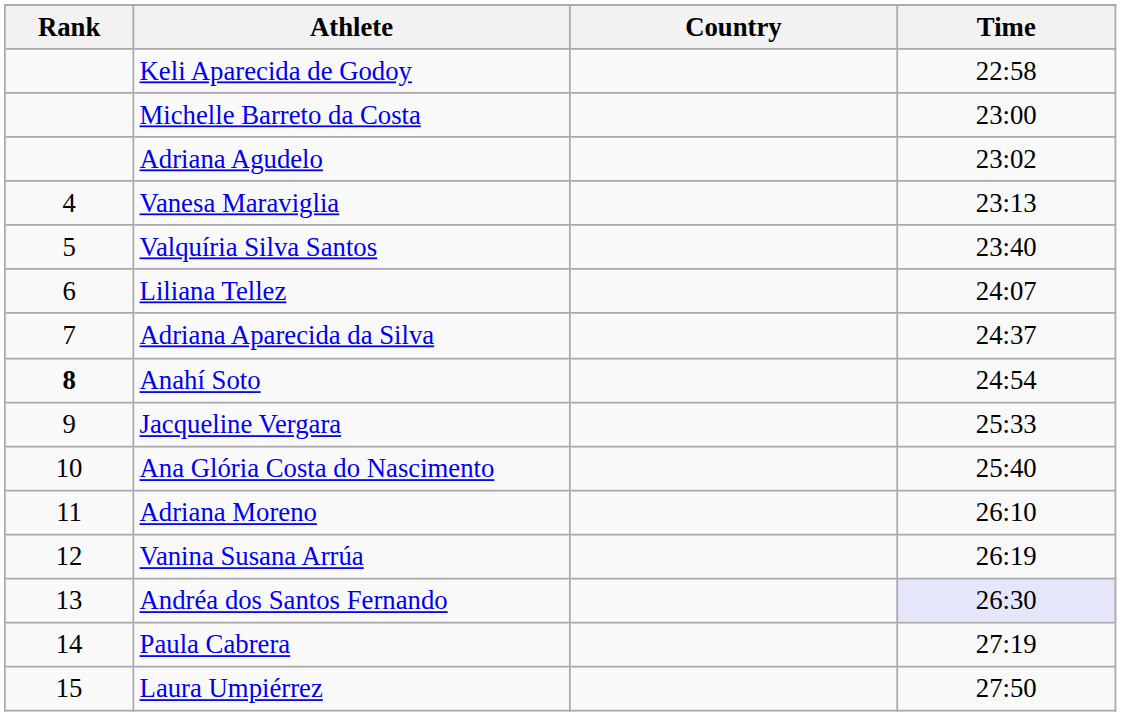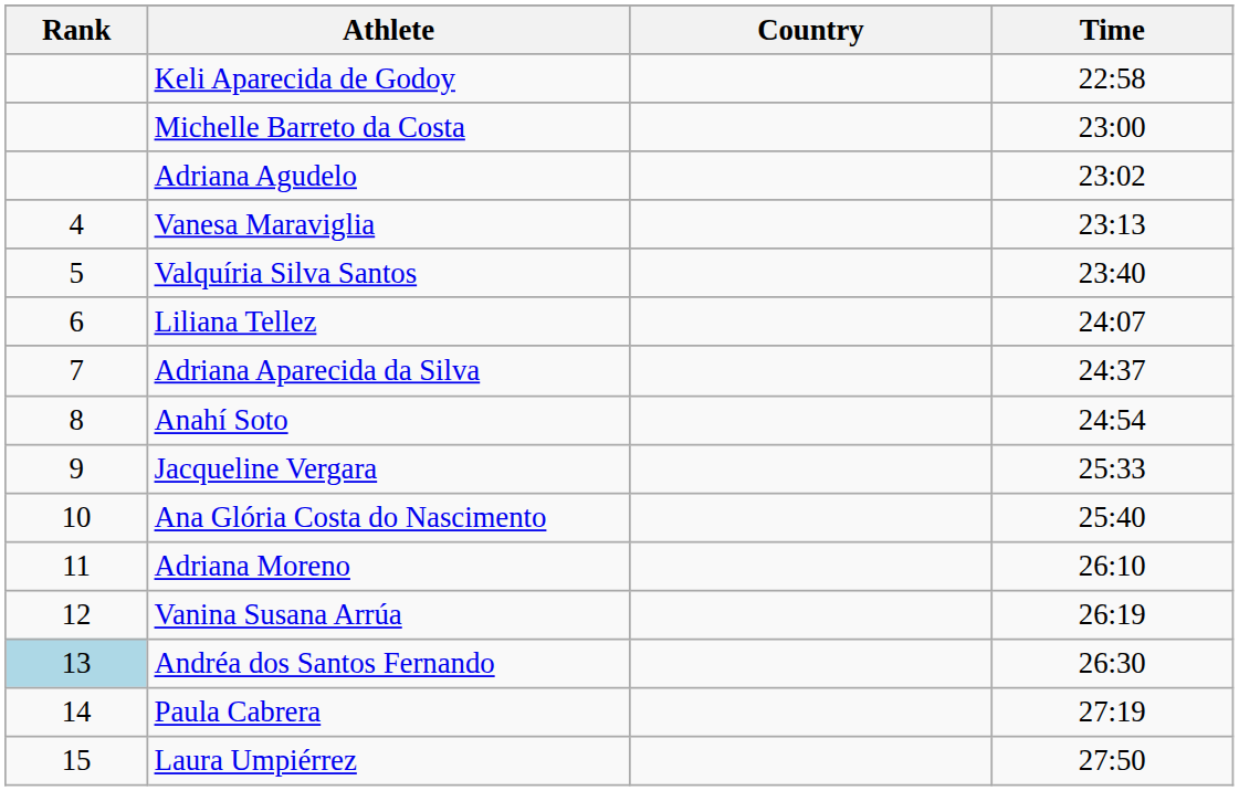 <table class="wikitable sortable" style=" text-align:center; font-size:95%;" width="50%">
 <tr>
 </tr>
 <tr>
 <th width=5%>Rank</th>
 <th width=20%>Athlete</th>
 <th width=15%>Country</th>
 <th width=10%>Time</th>
 </tr>
 <tr>
 <td align=center></td>
 <td align=left><a href='#'>Keli Aparecida de Godoy</a></td>
 <td align=left></td>
 <td>22:58</td>
 </tr>
 <tr>
 <td align=center></td>
 <td align=left><a href='#'>Michelle Barreto da Costa</a></td>
 <td align=left></td>
 <td>23:00</td>
 </tr>
 <tr>
 <td align=center></td>
 <td align=left><a href='#'>Adriana Agudelo</a></td>
 <td align=left></td>
 <td>23:02</td>
 </tr>
 <tr>
 <td align=center>4</td>
 <td align=left><a href='#'>Vanesa Maraviglia</a></td>
 <td align=left></td>
 <td>23:13</td>
 </tr>
 <tr>
 <td align=center>5</td>
 <td align=left><a href='#'>Valquíria Silva Santos</a></td>
 <td align=left></td>
 <td>23:40</td>
 </tr>
 <tr>
 <td align=center>6</td>
 <td align=left><a href='#'>Liliana Tellez</a></td>
 <td align=left></td>
 <td>24:07</td>
 </tr>
 <tr>
 <td align=center>7</td>
 <td align=left><a href='#'>Adriana Aparecida da Silva</a></td>
 <td align=left></td>
 <td>24:37</td>
 </tr>
 <tr>
-<td align=center><strong>8</strong></td>
+<td align=center>8</td>
 <td align=left><a href='#'>Anahí Soto</a></td>
 <td align=left></td>
 <td>24:54</td>
 </tr>
 <tr>
 <td align=center>9</td>
 <td align=left><a href='#'>Jacqueline Vergara</a></td>
 <td align=left></td>
 <td>25:33</td>
 </tr>
 <tr>
 <td align=center>10</td>
 <td align=left><a href='#'>Ana Glória Costa do Nascimento</a></td>
 <td align=left></td>
 <td>25:40</td>
 </tr>
 <tr>
 <td align=center>11</td>
 <td align=left><a href='#'>Adriana Moreno</a></td>
 <td align=left></td>
 <td>26:10</td>
 </tr>
 <tr>
 <td align=center>12</td>
 <td align=left><a href='#'>Vanina Susana Arrúa</a></td>
 <td align=left></td>
 <td>26:19</td>
 </tr>
 <tr>
-<td align=center>13</td>
+<td align=center style="background: lightblue;">13</td>
 <td align=left><a href='#'>Andréa dos Santos Fernando</a></td>
 <td align=left></td>
-<td style="background: lavender;">26:30</td>
+<td>26:30</td>
 </tr>
 <tr>
 <td align=center>14</td>
 <td align=left><a href='#'>Paula Cabrera</a></td>
 <td align=left></td>
 <td>27:19</td>
 </tr>
 <tr>
 <td align=center>15</td>
 <td align=left><a href='#'>Laura Umpiérrez</a></td>
 <td align=left></td>
 <td>27:50</td>
 </tr>
 </table>
